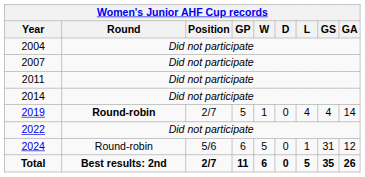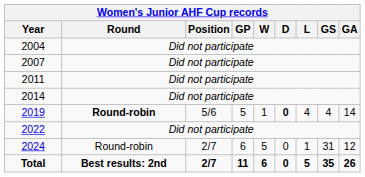 <table class="wikitable" style="text-align: center">
 <tr>
 <th colspan=9><a href='#'>Women's Junior AHF Cup records</a></th>
 </tr>
 <tr>
 <th width=80>Year</th>
 <th width=180>Round</th>
 <th>Position</th>
 <th width=25>GP</th>
 <th width=25>W</th>
 <th width=25>D</th>
 <th width=25>L</th>
 <th width=25>GS</th>
 <th width=25>GA</th>
 </tr>
 <tr>
 <td> 2004</td>
 <td colspan=8><em>Did not participate</em></td>
 </tr>
 <tr>
 <td> 2007</td>
 <td colspan=8><em>Did not participate</em></td>
 </tr>
 <tr>
 <td> 2011</td>
 <td colspan=8><em>Did not participate</em></td>
 </tr>
 <tr>
 <td> 2014</td>
 <td colspan=8><em>Did not participate</em></td>
 </tr>
 <tr>
 <td> <a href='#'>2019</a></td>
 <td><strong>Round-robin</strong></td>
-<td>2/7</td>
+<td>5/6</td>
 <td>5</td>
 <td>1</td>
-<td>0</td>
+<td><strong>0</strong></td>
 <td>4</td>
 <td>4</td>
 <td>14</td>
 </tr>
 <tr>
 <td> <a href='#'>2022</a></td>
 <td colspan=8><em>Did not participate</em></td>
 </tr>
 <tr>
 <td> <a href='#'>2024</a></td>
 <td>Round-robin</td>
-<td>5/6</td>
+<td>2/7</td>
 <td>6</td>
 <td>5</td>
 <td>0</td>
 <td>1</td>
 <td>31</td>
 <td>12</td>
 </tr>
 <tr>
 <td><strong>Total</strong></td>
 <td><strong>Best results: 2nd</strong></td>
 <td><strong>2/7</strong></td>
 <td><strong>11</strong></td>
 <td><strong>6</strong></td>
 <td><strong>0</strong></td>
 <td><strong>5</strong></td>
 <td><strong>35</strong></td>
 <td><strong>26</strong></td>
 </tr>
 </table>
